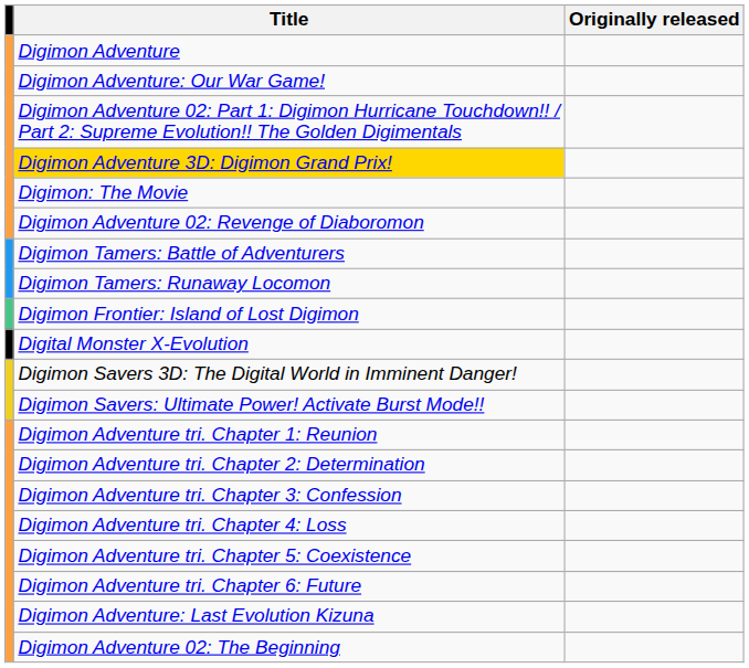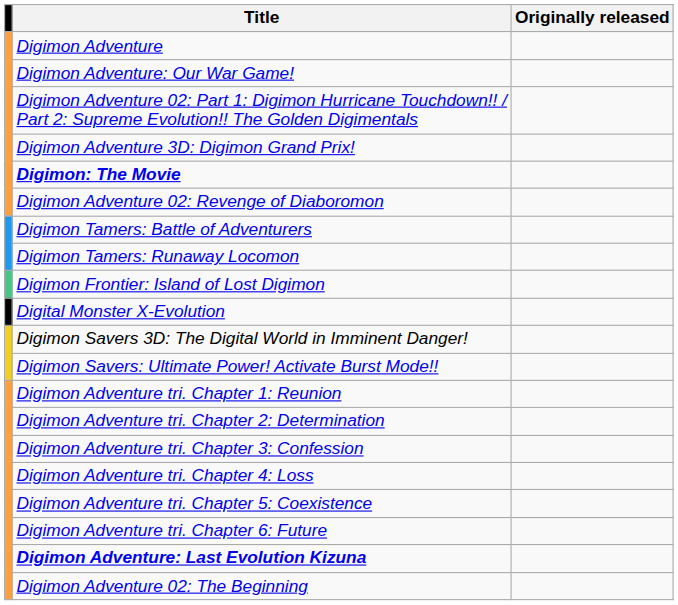 <table class="wikitable sortable">
 <tr>
 <th style="background:#000000;" class="unsortable"></th>
 <th><strong>Title</strong></th>
 <th colspan="2">Originally released</th>
 </tr>
 <tr>
 <th style="background:#FFA040;" rowspan="6"></th>
 <td><em><a href='#'>Digimon Adventure</a></em></td>
 <td></td>
 </tr>
 <tr>
 <td><em><a href='#'>Digimon Adventure: Our War Game!</a></em></td>
 <td></td>
 </tr>
 <tr>
 <td><em><a href='#'>Digimon Adventure 02: Part 1: Digimon Hurricane Touchdown!! /<br>Part 2: Supreme Evolution!! The Golden Digimentals</a></em></td>
 <td></td>
 </tr>
 <tr>
-<td style="background: gold;"><em><a href='#'>Digimon Adventure 3D: Digimon Grand Prix!</a></em></td>
+<td><em><a href='#'>Digimon Adventure 3D: Digimon Grand Prix!</a></em></td>
 <td></td>
 </tr>
 <tr>
-<td><em><a href='#'>Digimon: The Movie</a></em></td>
+<td><strong><em><a href='#'>Digimon: The Movie</a></em></strong></td>
 <td></td>
 </tr>
 <tr>
 <td><em><a href='#'>Digimon Adventure 02: Revenge of Diaboromon</a></em></td>
 <td></td>
 </tr>
 <tr>
 <th style="background:#1F99F0;" rowspan="2"></th>
 <td><em><a href='#'>Digimon Tamers: Battle of Adventurers</a></em></td>
 <td></td>
 </tr>
 <tr>
 <td><em><a href='#'>Digimon Tamers: Runaway Locomon</a></em></td>
 <td></td>
 </tr>
 <tr>
 <th style="background:#45C686;"></th>
 <td><em><a href='#'>Digimon Frontier: Island of Lost Digimon</a></em></td>
 <td></td>
 </tr>
 <tr>
 <th style="background:#000000;"></th>
 <td><em><a href='#'>Digital Monster X-Evolution</a></em></td>
 <td></td>
 </tr>
 <tr>
 <th style="background:#F0CF25;" rowspan="2"></th>
 <td><em>Digimon Savers 3D: The Digital World in Imminent Danger!</em></td>
 <td></td>
 </tr>
 <tr>
 <td><em><a href='#'>Digimon Savers: Ultimate Power! Activate Burst Mode!!</a></em></td>
 <td></td>
 </tr>
 <tr>
 <th style="background:#FFA040;" rowspan="8"></th>
 <td><em><a href='#'>Digimon Adventure tri. Chapter 1: Reunion</a></em></td>
 <td></td>
 </tr>
 <tr>
 <td><em><a href='#'>Digimon Adventure tri. Chapter 2: Determination</a></em></td>
 <td></td>
 </tr>
 <tr>
 <td><em><a href='#'>Digimon Adventure tri. Chapter 3: Confession</a></em></td>
 <td></td>
 </tr>
 <tr>
 <td><em><a href='#'>Digimon Adventure tri. Chapter 4: Loss</a></em></td>
 <td></td>
 </tr>
 <tr>
 <td><em><a href='#'>Digimon Adventure tri. Chapter 5: Coexistence</a></em></td>
 <td></td>
 </tr>
 <tr>
 <td><em><a href='#'>Digimon Adventure tri. Chapter 6: Future</a></em></td>
 <td></td>
 </tr>
 <tr>
-<td><em><a href='#'>Digimon Adventure: Last Evolution Kizuna</a></em></td>
+<td><strong><em><a href='#'>Digimon Adventure: Last Evolution Kizuna</a></em></strong></td>
 <td></td>
 </tr>
 <tr>
 <td><em><a href='#'>Digimon Adventure 02: The Beginning</a></em></td>
 <td></td>
 </tr>
 </table>
